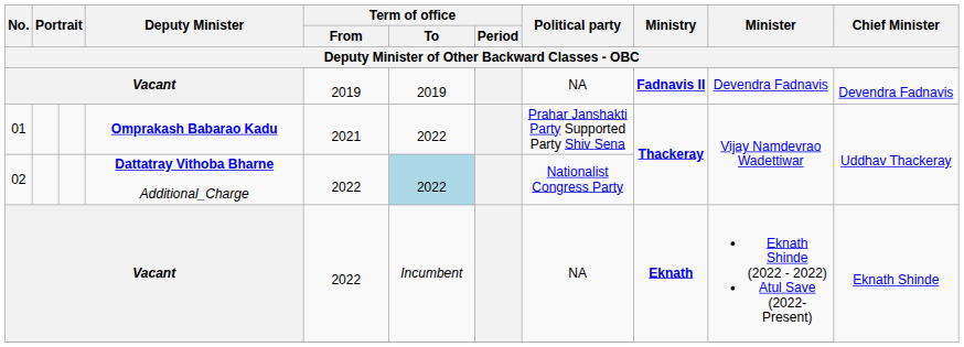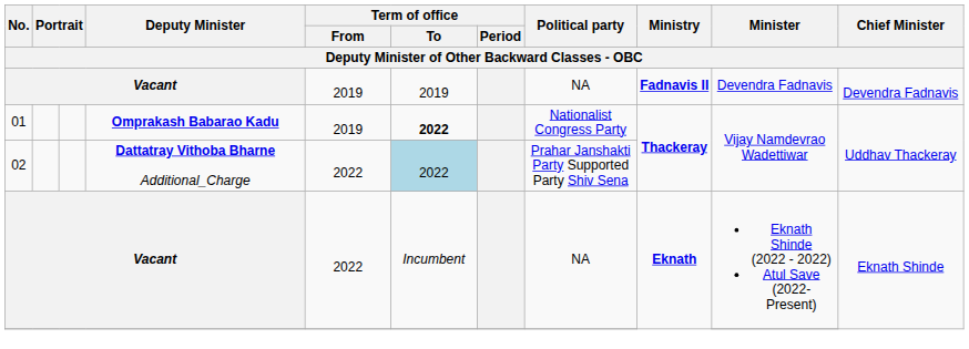 <table class="wikitable" style="text-align:center">
 <tr>
 <th rowspan="2">No.</th>
 <th rowspan="2" colspan="2">Portrait</th>
 <th rowspan="2" style="width:16em">Deputy Minister<br></th>
 <th colspan="3">Term of office</th>
 <th rowspan="2" style="width:8em">Political party</th>
 <th rowspan="2">Ministry</th>
 <th rowspan="2" style="width:9em">Minister</th>
 <th rowspan="2" style="width:9em">Chief Minister</th>
 </tr>
 <tr>
 <th style="width:6em">From</th>
 <th style="width:6em">To</th>
 <th>Period</th>
 </tr>
 <tr>
 <th colspan="11">Deputy Minister of Other Backward Classes - OBC</th>
 </tr>
 <tr>
 <th colspan="04"><strong><em> Vacant</em></strong></th>
 <td><br>2019</td>
 <td><br>2019</td>
 <th></th>
 <td>NA</td>
 <td rowspan="1"><a href='#'><strong>Fadnavis II</strong></a></td>
 <td><a href='#'>Devendra Fadnavis</a></td>
 <td rowspan="1"> <br><a href='#'>Devendra Fadnavis</a></td>
 </tr>
 <tr>
 <td>01</td>
 <td style="color:inherit;background:"></td>
 <td></td>
 <td><strong><a href='#'>Omprakash Babarao Kadu</a></strong> <br> </td>
-<td><br>2021</td>
-<td><br>2022</td>
+<td><br>2019</td>
+<td><strong><br>2022</strong></td>
 <th></th>
-<td><a href='#'>Prahar Janshakti Party</a> Supported Party <a href='#'>Shiv Sena</a></td>
+<td><a href='#'>Nationalist Congress Party</a></td>
 <td rowspan="2"><a href='#'><strong>Thackeray</strong></a></td>
 <td rowspan="2"><a href='#'>Vijay Namdevrao Wadettiwar</a></td>
 <td rowspan="2"> <br><a href='#'>Uddhav Thackeray</a></td>
 </tr>
 <tr>
 <td>02</td>
 <td style="color:inherit;background:"></td>
 <td></td>
 <td><strong><a href='#'>Dattatray Vithoba Bharne</a></strong><br> <br><em>Additional_Charge</em></td>
 <td><br>2022</td>
 <td style="background: lightblue;"><br>2022</td>
 <th></th>
-<td><a href='#'>Nationalist Congress Party</a></td>
+<td><a href='#'>Prahar Janshakti Party</a> Supported Party <a href='#'>Shiv Sena</a></td>
 </tr>
 <tr>
 <th colspan="04"><strong><em>Vacant</em></strong></th>
 <td><br>2022</td>
 <td><em>Incumbent</em></td>
 <th></th>
 <td>NA</td>
 <td rowspan="2"><a href='#'><strong>Eknath</strong></a></td>
 <td><br><ul><li><a href='#'>Eknath Shinde</a><br>(2022 - 2022)</li><li><a href='#'>Atul Save</a><br> (2022- Present)</li></ul></td>
 <td rowspan="2"> <br><a href='#'>Eknath Shinde</a></td>
 </tr>
 <tr>
 </tr>
 </table>
